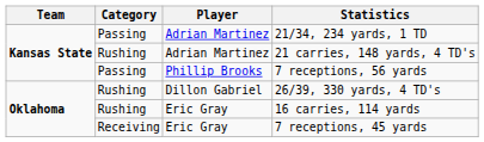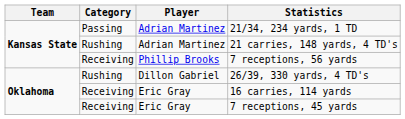 <table class="wikitable" style="float: right;">
 <tr>
 <th>Team</th>
 <th>Category</th>
 <th>Player</th>
 <th>Statistics</th>
 </tr>
 <tr>
 <td rowspan=3><strong>Kansas State</strong></td>
 <td>Passing</td>
 <td><a href='#'>Adrian Martinez</a></td>
 <td>21/34, 234 yards, 1 TD</td>
 </tr>
 <tr>
 <td>Rushing</td>
 <td>Adrian Martinez</td>
 <td>21 carries, 148 yards, 4 TD's</td>
 </tr>
 <tr>
-<td>Passing</td>
+<td>Receiving</td>
 <td><a href='#'>Phillip Brooks</a></td>
 <td>7 receptions, 56 yards</td>
 </tr>
 <tr>
 <td rowspan=3><strong>Oklahoma</strong></td>
 <td>Rushing</td>
 <td>Dillon Gabriel</td>
 <td>26/39, 330 yards, 4 TD's</td>
 </tr>
 <tr>
-<td>Rushing</td>
+<td>Receiving</td>
 <td>Eric Gray</td>
 <td>16 carries, 114 yards</td>
 </tr>
 <tr>
 <td>Receiving</td>
 <td>Eric Gray</td>
 <td>7 receptions, 45 yards</td>
 </tr>
 </table>
